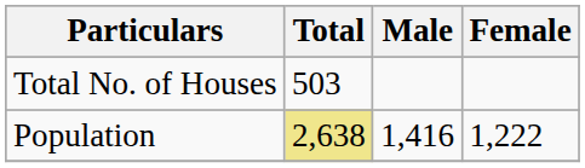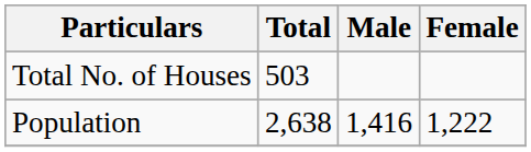 <table class="wikitable sortable">
 <tr>
 <th>Particulars</th>
 <th>Total</th>
 <th>Male</th>
 <th>Female</th>
 </tr>
 <tr>
 <td>Total No. of Houses</td>
 <td>503</td>
 <td></td>
 <td></td>
 </tr>
 <tr>
 <td>Population</td>
-<td style="background: khaki;">2,638</td>
+<td>2,638</td>
 <td>1,416</td>
 <td>1,222</td>
 </tr>
 <tr>
 </tr>
 </table>
